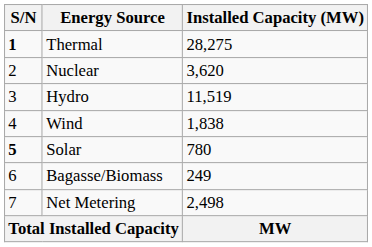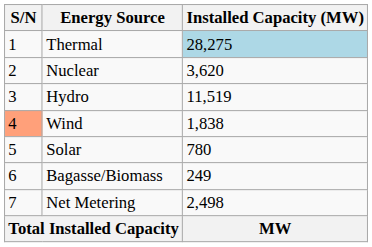 <table class="wikitable sortable">
 <tr>
 <th>S/N</th>
 <th>Energy Source</th>
 <th>Installed Capacity (MW)</th>
 </tr>
 <tr>
-<td><strong>1</strong></td>
+<td>1</td>
 <td>Thermal</td>
-<td>28,275</td>
+<td style="background: lightblue;">28,275</td>
 </tr>
 <tr>
 <td>2</td>
 <td>Nuclear</td>
 <td>3,620</td>
 </tr>
 <tr>
 <td>3</td>
 <td>Hydro</td>
 <td>11,519</td>
 </tr>
 <tr>
-<td>4</td>
+<td style="background: lightsalmon;">4</td>
 <td>Wind</td>
 <td>1,838</td>
 </tr>
 <tr>
-<td><strong>5</strong></td>
+<td>5</td>
 <td>Solar</td>
 <td>780</td>
 </tr>
 <tr>
 <td>6</td>
 <td>Bagasse/Biomass</td>
 <td>249</td>
 </tr>
 <tr>
 <td>7</td>
 <td>Net Metering</td>
 <td>2,498</td>
 </tr>
 <tr>
 <th colspan="2" style="text-align:right;"><strong>Total Installed Capacity</strong></th>
 <th style="text-align:center;"><strong> MW</strong></th>
 </tr>
 </table>
